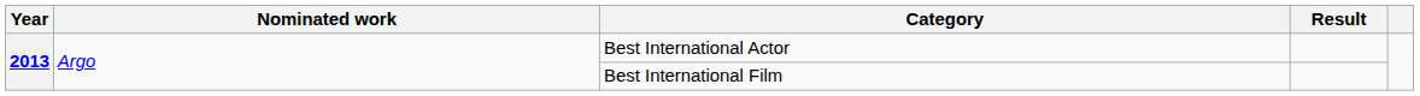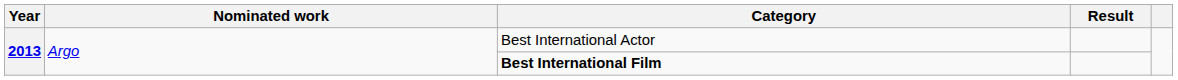 <table class="wikitable">
 <tr>
 <th scope="col" style="width:1em;">Year</th>
 <th scope="col" style="width:30em;">Nominated work</th>
 <th scope="col" style="width:38em;">Category</th>
 <th scope="col" style="width:5em;">Result</th>
 <th scope="col" style="width:1em;"></th>
 </tr>
 <tr>
 <th scope="row" rowspan="2" style="text-align:center;"><a href='#'>2013</a></th>
 <td rowspan="2"><em><a href='#'>Argo</a></em></td>
 <td>Best International Actor</td>
 <td></td>
 <td rowspan="2" style="text-align:center;"></td>
 </tr>
 <tr>
-<td>Best International Film</td>
+<td><strong>Best International Film</strong></td>
 <td></td>
 </tr>
 </table>
